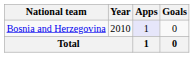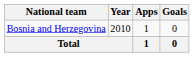 <table class="wikitable" style="text-align:center">
 <tr>
 <th>National team</th>
 <th>Year</th>
 <th>Apps</th>
 <th>Goals</th>
 </tr>
 <tr>
 <td><a href='#'>Bosnia and Herzegovina</a></td>
 <td>2010</td>
-<td style="background: lavender;">1</td>
+<td>1</td>
 <td>0</td>
 </tr>
 <tr>
 <th colspan="2">Total</th>
 <th>1</th>
 <th>0</th>
 </tr>
 </table>
